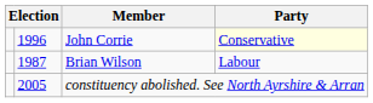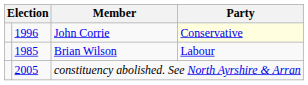 <table class="wikitable">
 <tr>
 <th colspan="2">Election</th>
 <th>Member</th>
 <th>Party</th>
 </tr>
 <tr>
 <td style="color:inherit;background-color: "></td>
 <td><a href='#'>1996</a></td>
 <td><a href='#'>John Corrie</a></td>
 <td style="background: lightyellow;"><a href='#'>Conservative</a></td>
 </tr>
 <tr>
 <td style="color:inherit;background-color: "></td>
-<td><a href='#'>1987</a></td>
+<td><a href='#'>1985</a></td>
 <td><a href='#'>Brian Wilson</a></td>
 <td><a href='#'>Labour</a></td>
 </tr>
 <tr>
 <td></td>
 <td><a href='#'>2005</a></td>
 <td colspan="2"><em>constituency abolished. See <a href='#'>North Ayrshire & Arran</a></em></td>
 </tr>
 </table>
